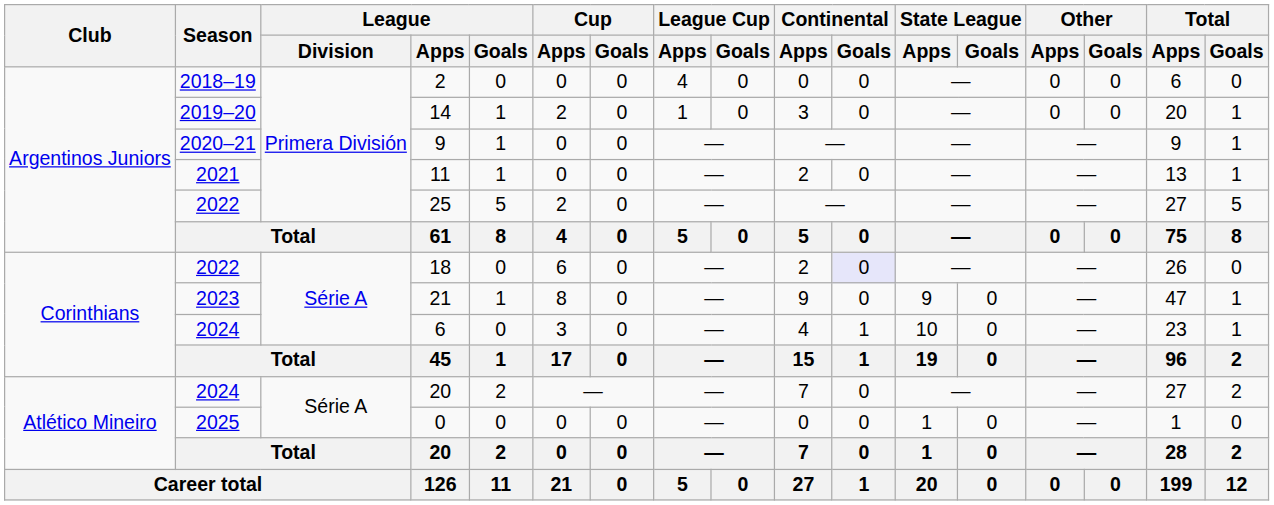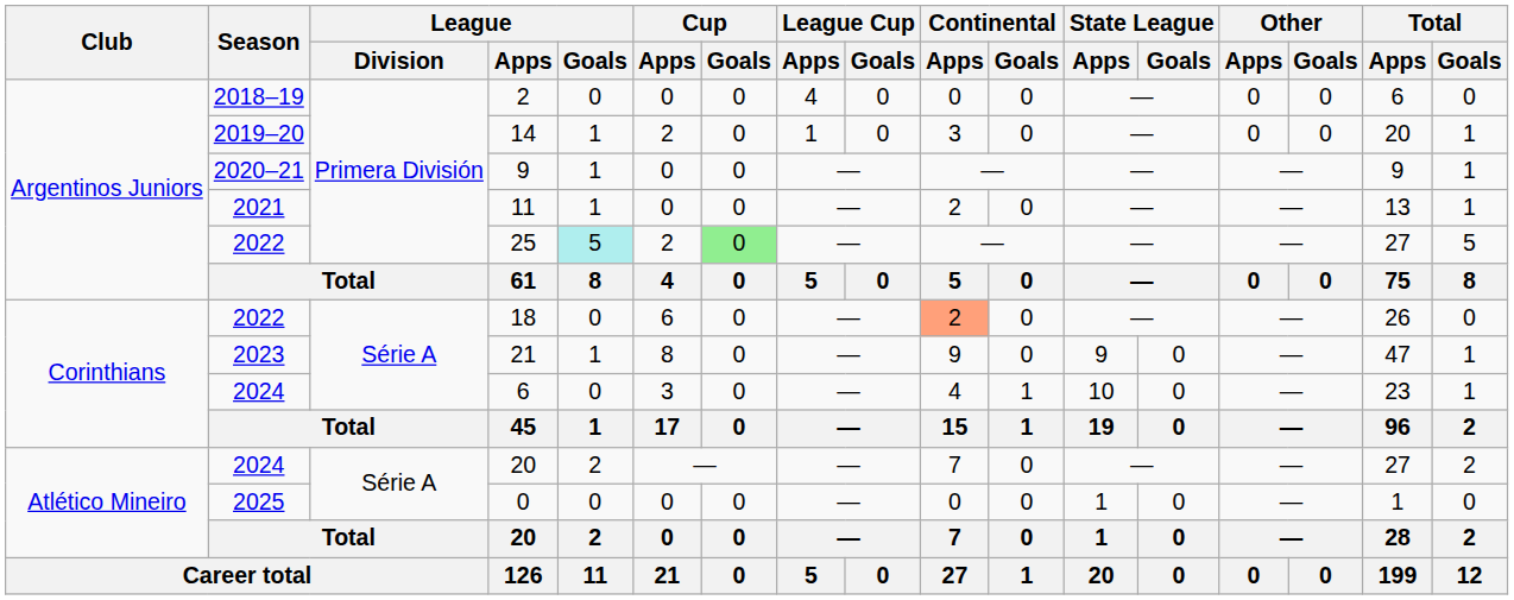 <table class="wikitable" style="text-align:center">
 <tr>
 <th rowspan="2">Club</th>
 <th rowspan="2">Season</th>
 <th colspan="3">League</th>
 <th colspan="2">Cup</th>
 <th colspan="2">League Cup</th>
 <th colspan="2">Continental</th>
 <th colspan="2">State League</th>
 <th colspan="2">Other</th>
 <th colspan="2">Total</th>
 </tr>
 <tr>
 <th>Division</th>
 <th>Apps</th>
 <th>Goals</th>
 <th>Apps</th>
 <th>Goals</th>
 <th>Apps</th>
 <th>Goals</th>
 <th>Apps</th>
 <th>Goals</th>
 <th>Apps</th>
 <th>Goals</th>
 <th>Apps</th>
 <th>Goals</th>
 <th>Apps</th>
 <th>Goals</th>
 </tr>
 <tr>
 <td rowspan="6"><a href='#'>Argentinos Juniors</a></td>
 <td><a href='#'>2018–19</a></td>
 <td rowspan="5"><a href='#'>Primera División</a></td>
 <td>2</td>
 <td>0</td>
 <td>0</td>
 <td>0</td>
 <td>4</td>
 <td>0</td>
 <td>0</td>
 <td>0</td>
 <td colspan="2">—</td>
 <td>0</td>
 <td>0</td>
 <td>6</td>
 <td>0</td>
 </tr>
 <tr>
 <td><a href='#'>2019–20</a></td>
 <td>14</td>
 <td>1</td>
 <td>2</td>
 <td>0</td>
 <td>1</td>
 <td>0</td>
 <td>3</td>
 <td>0</td>
 <td colspan="2">—</td>
 <td>0</td>
 <td>0</td>
 <td>20</td>
 <td>1</td>
 </tr>
 <tr>
 <td><a href='#'>2020–21</a></td>
 <td>9</td>
 <td>1</td>
 <td>0</td>
 <td>0</td>
 <td colspan="2">—</td>
 <td colspan="2">—</td>
 <td colspan="2">—</td>
 <td colspan="2">—</td>
 <td>9</td>
 <td>1</td>
 </tr>
 <tr>
 <td><a href='#'>2021</a></td>
 <td>11</td>
 <td>1</td>
 <td>0</td>
 <td>0</td>
 <td colspan="2">—</td>
 <td>2</td>
 <td>0</td>
 <td colspan="2">—</td>
 <td colspan="2">—</td>
 <td>13</td>
 <td>1</td>
 </tr>
 <tr>
 <td><a href='#'>2022</a></td>
 <td>25</td>
-<td>5</td>
+<td style="background: paleturquoise;">5</td>
 <td>2</td>
-<td>0</td>
+<td style="background: lightgreen;">0</td>
 <td colspan="2">—</td>
 <td colspan="2">—</td>
 <td colspan="2">—</td>
 <td colspan="2">—</td>
 <td>27</td>
 <td>5</td>
 </tr>
 <tr>
 <th colspan="2">Total</th>
 <th>61</th>
 <th>8</th>
 <th>4</th>
 <th>0</th>
 <th>5</th>
 <th>0</th>
 <th>5</th>
 <th>0</th>
 <th colspan="2">—</th>
 <th>0</th>
 <th>0</th>
 <th>75</th>
 <th>8</th>
 </tr>
 <tr>
 <td rowspan="4"><a href='#'>Corinthians</a></td>
 <td><a href='#'>2022</a></td>
 <td rowspan="3"><a href='#'>Série A</a></td>
 <td>18</td>
 <td>0</td>
 <td>6</td>
 <td>0</td>
 <td colspan="2">—</td>
-<td>2</td>
-<td style="background: lavender;">0</td>
+<td style="background: lightsalmon;">2</td>
+<td>0</td>
 <td colspan="2">—</td>
 <td colspan="2">—</td>
 <td>26</td>
 <td>0</td>
 </tr>
 <tr>
 <td><a href='#'>2023</a></td>
 <td>21</td>
 <td>1</td>
 <td>8</td>
 <td>0</td>
 <td colspan="2">—</td>
 <td>9</td>
 <td>0</td>
 <td>9</td>
 <td>0</td>
 <td colspan="2">—</td>
 <td>47</td>
 <td>1</td>
 </tr>
 <tr>
 <td><a href='#'>2024</a></td>
 <td>6</td>
 <td>0</td>
 <td>3</td>
 <td>0</td>
 <td colspan="2">—</td>
 <td>4</td>
 <td>1</td>
 <td>10</td>
 <td>0</td>
 <td colspan="2">—</td>
 <td>23</td>
 <td>1</td>
 </tr>
 <tr>
 <th colspan="2">Total</th>
 <th>45</th>
 <th>1</th>
 <th>17</th>
 <th>0</th>
 <th colspan="2">—</th>
 <th>15</th>
 <th>1</th>
 <th>19</th>
 <th>0</th>
 <th colspan="2">—</th>
 <th>96</th>
 <th>2</th>
 </tr>
 <tr>
 <td rowspan="3"><a href='#'>Atlético Mineiro</a></td>
 <td><a href='#'>2024</a></td>
 <td rowspan="2">Série A</td>
 <td>20</td>
 <td>2</td>
 <td colspan="2">—</td>
 <td colspan="2">—</td>
 <td>7</td>
 <td>0</td>
 <td colspan="2">—</td>
 <td colspan="2">—</td>
 <td>27</td>
 <td>2</td>
 </tr>
 <tr>
 <td><a href='#'>2025</a></td>
 <td>0</td>
 <td>0</td>
 <td>0</td>
 <td>0</td>
 <td colspan="2">—</td>
 <td>0</td>
 <td>0</td>
 <td>1</td>
 <td>0</td>
 <td colspan="2">—</td>
 <td>1</td>
 <td>0</td>
 </tr>
 <tr>
 <th colspan="2">Total</th>
 <th>20</th>
 <th>2</th>
 <th>0</th>
 <th>0</th>
 <th colspan="2">—</th>
 <th>7</th>
 <th>0</th>
 <th>1</th>
 <th>0</th>
 <th colspan="2">—</th>
 <th>28</th>
 <th>2</th>
 </tr>
 <tr>
 <th colspan="3">Career total</th>
 <th>126</th>
 <th>11</th>
 <th>21</th>
 <th>0</th>
 <th>5</th>
 <th>0</th>
 <th>27</th>
 <th>1</th>
 <th>20</th>
 <th>0</th>
 <th>0</th>
 <th>0</th>
 <th>199</th>
 <th>12</th>
 </tr>
 </table>
